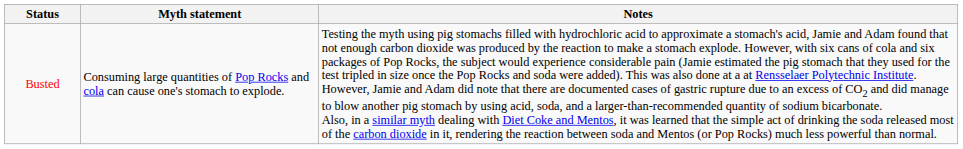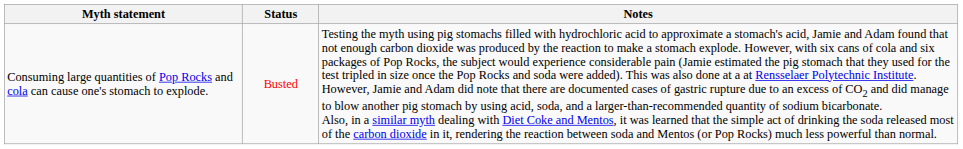 <table class="wikitable" style="width:98%;">
 <tr>
+<th style="width:25%;">Myth statement</th>
 <th style="width:8%;">Status</th>
-<th style="width:25%;">Myth statement</th>
 <th style="width:67%;">Notes</th>
 </tr>
 <tr>
+<td>Consuming large quantities of <a href='#'>Pop Rocks</a> and <a href='#'>cola</a> can cause one's stomach to explode.</td>
 <td style="color:white; text-align:center; color:red;">Busted</td>
-<td>Consuming large quantities of <a href='#'>Pop Rocks</a> and <a href='#'>cola</a> can cause one's stomach to explode.</td>
 <td>Testing the myth using pig stomachs filled with hydrochloric acid to approximate a stomach's acid, Jamie and Adam found that not enough carbon dioxide was produced by the reaction to make a stomach explode. However, with six  cans of cola and six packages of Pop Rocks, the subject would experience considerable pain (Jamie estimated the pig stomach that they used for the test tripled in size once the Pop Rocks and soda were added). This was also done at a  at <a href='#'>Rensselaer Polytechnic Institute</a>. However, Jamie and Adam did note that there are documented cases of gastric rupture due to an excess of CO<sub>2</sub> and did manage to blow another pig stomach by using acid, soda, and a larger-than-recommended quantity of sodium bicarbonate.<br>Also, in a <a href='#'>similar myth</a> dealing with <a href='#'>Diet Coke and Mentos</a>, it was learned that the simple act of drinking the soda released most of the <a href='#'>carbon dioxide</a> in it, rendering the reaction between soda and Mentos (or Pop Rocks) much less powerful than normal.</td>
 </tr>
 </table>
